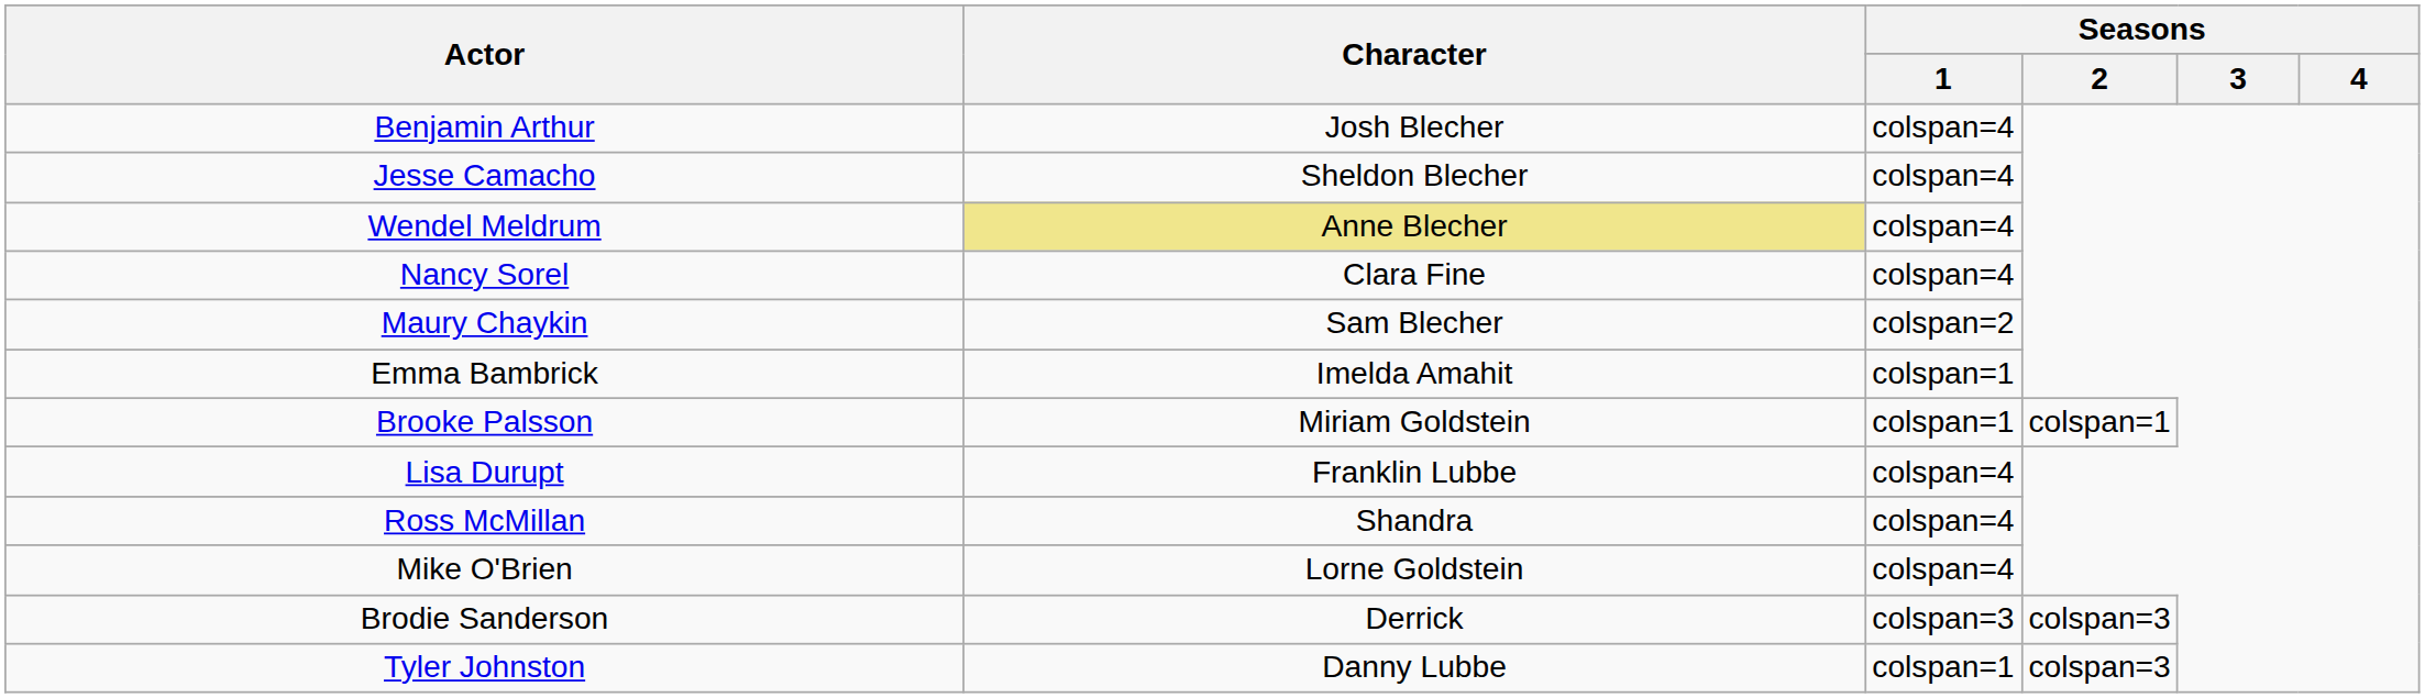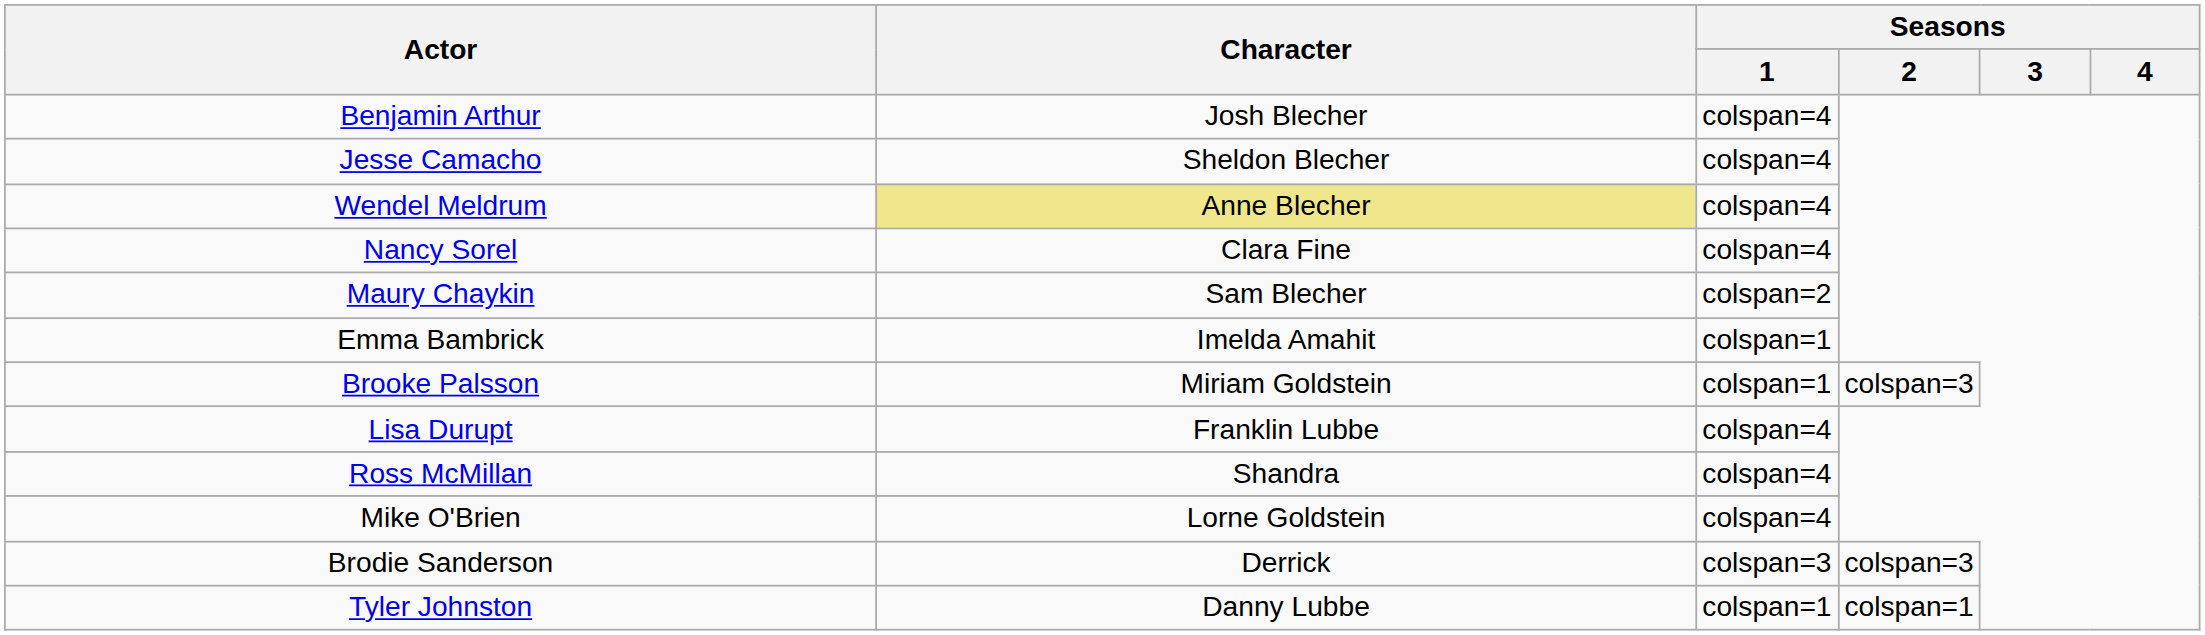 <table class="wikitable">
 <tr>
 <th rowspan=2>Actor</th>
 <th rowspan=2>Character</th>
 <th colspan=4>Seasons</th>
 </tr>
 <tr>
 <th style="width:5%;">1</th>
 <th style="width:5%;">2</th>
 <th style="width:5%;">3</th>
 <th style="width:5%;">4</th>
 </tr>
 <tr>
 <td style="text-align:center;"><a href='#'>Benjamin Arthur</a></td>
 <td style="text-align:center;">Josh Blecher</td>
 <td>colspan=4 </td>
 </tr>
 <tr>
 <td style="text-align:center;"><a href='#'>Jesse Camacho</a></td>
 <td style="text-align:center;">Sheldon Blecher</td>
 <td>colspan=4 </td>
 </tr>
 <tr>
 <td style="text-align:center;"><a href='#'>Wendel Meldrum</a></td>
 <td style="background: khaki; text-align:center;">Anne Blecher</td>
 <td>colspan=4 </td>
 </tr>
 <tr>
 <td style="text-align:center;"><a href='#'>Nancy Sorel</a></td>
 <td style="text-align:center;">Clara Fine</td>
 <td>colspan=4 </td>
 </tr>
 <tr>
 <td style="text-align:center;"><a href='#'>Maury Chaykin</a></td>
 <td style="text-align:center;">Sam Blecher</td>
 <td>colspan=2 </td>
 </tr>
 <tr>
 <td style="text-align:center;">Emma Bambrick</td>
 <td style="text-align:center;">Imelda Amahit</td>
 <td>colspan=1 </td>
 </tr>
 <tr>
 <td style="text-align:center;"><a href='#'>Brooke Palsson</a></td>
 <td style="text-align:center;">Miriam Goldstein</td>
 <td>colspan=1 </td>
-<td>colspan=1 </td>
+<td>colspan=3 </td>
 </tr>
 <tr>
 <td style="text-align:center;"><a href='#'>Lisa Durupt</a></td>
 <td style="text-align:center;">Franklin Lubbe</td>
 <td>colspan=4 </td>
 </tr>
 <tr>
 <td style="text-align:center;"><a href='#'>Ross McMillan</a></td>
 <td style="text-align:center;">Shandra</td>
 <td>colspan=4 </td>
 </tr>
 <tr>
 <td style="text-align:center;">Mike O'Brien</td>
 <td style="text-align:center;">Lorne Goldstein</td>
 <td>colspan=4 </td>
 </tr>
 <tr>
 <td style="text-align:center;">Brodie Sanderson</td>
 <td style="text-align:center;">Derrick</td>
 <td>colspan=3 </td>
 <td>colspan=3 </td>
 </tr>
 <tr>
 <td style="text-align:center;"><a href='#'>Tyler Johnston</a></td>
 <td style="text-align:center;">Danny Lubbe</td>
 <td>colspan=1 </td>
-<td>colspan=3 </td>
+<td>colspan=1 </td>
 </tr>
 </table>
